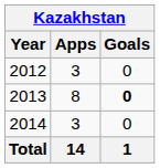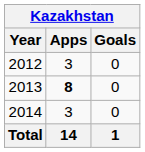 <table class="wikitable" style="text-align:center">
 <tr>
 <th colspan=3><a href='#'>Kazakhstan</a></th>
 </tr>
 <tr>
 <th>Year</th>
 <th>Apps</th>
 <th>Goals</th>
 </tr>
 <tr>
 <td>2012</td>
 <td>3</td>
 <td>0</td>
 </tr>
 <tr>
 <td>2013</td>
-<td>8</td>
-<td><strong>0</strong></td>
+<td><strong>8</strong></td>
+<td>0</td>
 </tr>
 <tr>
 <td>2014</td>
 <td>3</td>
 <td>0</td>
 </tr>
 <tr>
 <th>Total</th>
 <th>14</th>
 <th>1</th>
 </tr>
 </table>
